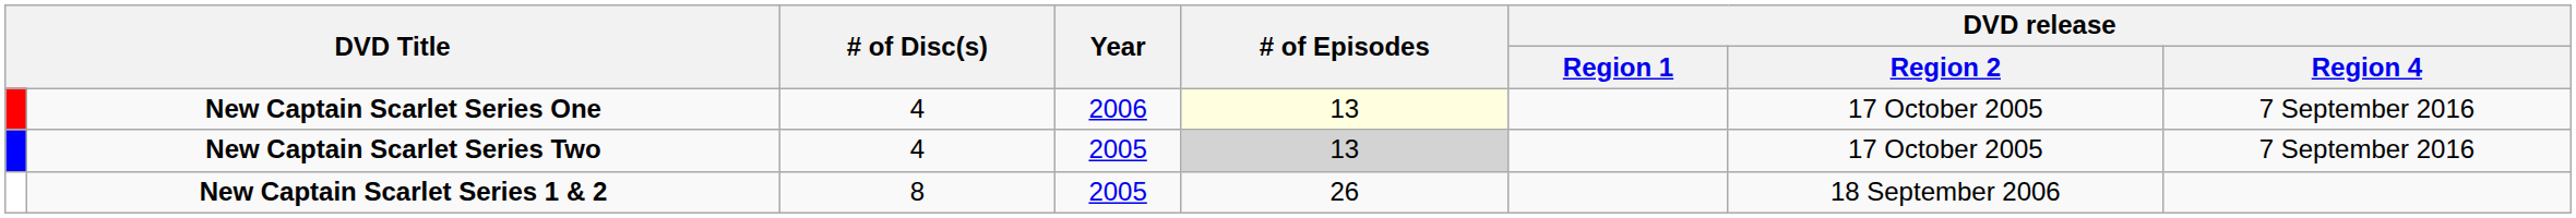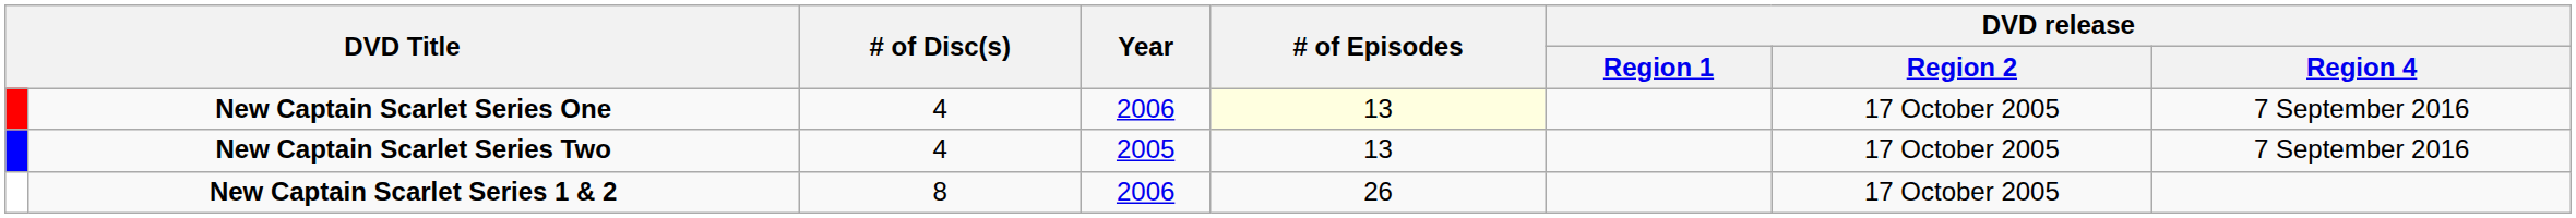 <table class="wikitable" width="99%" style="left: 0 auto; text-align: center;">
 <tr>
 <th colspan="2" rowspan="2">DVD Title</th>
 <th rowspan="2"># of Disc(s)</th>
 <th rowspan="2">Year</th>
 <th rowspan="2"># of Episodes</th>
 <th colspan="3">DVD release</th>
 </tr>
 <tr>
 <th><a href='#'>Region 1</a></th>
 <th><a href='#'>Region 2</a></th>
 <th><a href='#'>Region 4</a></th>
 </tr>
 <tr>
 <td bgcolor="Red"></td>
 <td><strong>New Captain Scarlet Series One</strong></td>
 <td>4</td>
 <td><a href='#'>2006</a></td>
 <td style="background: lightyellow;">13</td>
 <td></td>
 <td>17 October 2005</td>
 <td>7 September 2016</td>
 </tr>
 <tr>
 <td bgcolor="Blue"></td>
 <td><strong>New Captain Scarlet Series Two</strong></td>
 <td>4</td>
 <td><a href='#'>2005</a></td>
-<td style="background: lightgrey;">13</td>
+<td>13</td>
 <td></td>
 <td>17 October 2005</td>
 <td>7 September 2016</td>
 </tr>
 <tr>
 <td bgcolor="White"></td>
 <td><strong>New Captain Scarlet Series 1 & 2</strong></td>
 <td>8</td>
-<td><a href='#'>2005</a></td>
+<td><a href='#'>2006</a></td>
 <td>26</td>
 <td></td>
-<td>18 September 2006</td>
+<td>17 October 2005</td>
 <td></td>
 </tr>
 </table>
